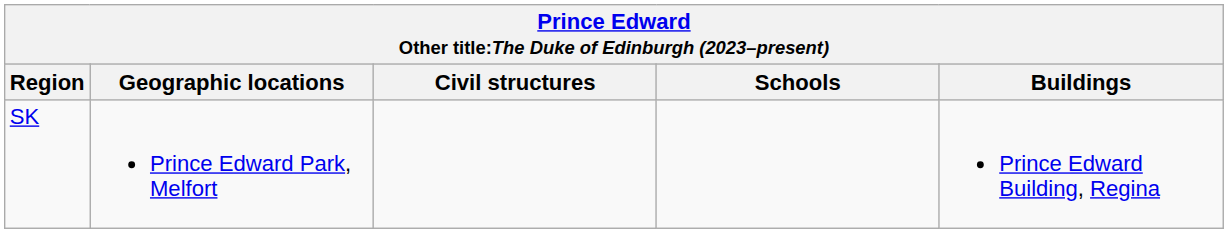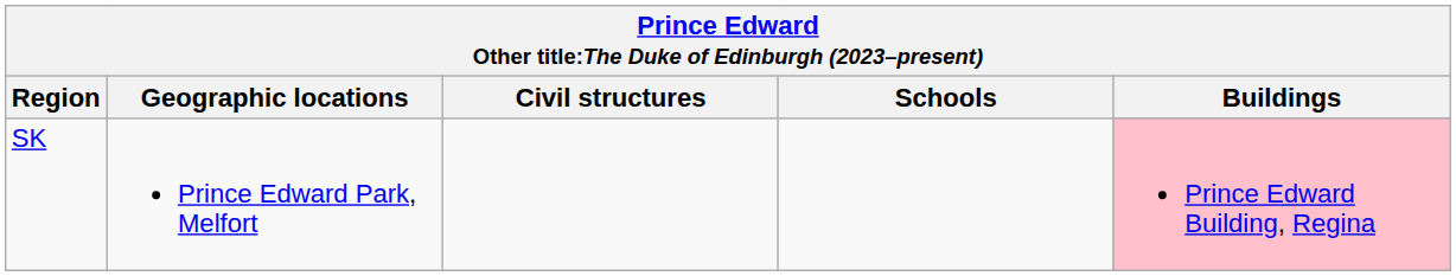 <table class="wikitable" width="100%">
 <tr>
 <th colspan="5"> <a href='#'>Prince Edward</a><br><small>Other title:<em>The Duke of Edinburgh (2023–present)</em> </small></th>
 </tr>
 <tr>
 <th width="5%">Region</th>
 <th width="23.75%">Geographic locations</th>
 <th width="23.75%">Civil structures</th>
 <th width="23.75%">Schools</th>
 <th width="23.75%">Buildings</th>
 </tr>
 <tr>
 <td align=left valign=top> <a href='#'>SK</a></td>
 <td align=left valign=top><br><ul><li><a href='#'>Prince Edward Park</a>, <a href='#'>Melfort</a></li></ul></td>
 <td></td>
 <td></td>
-<td align=left valign=top><br><ul><li><a href='#'>Prince Edward Building</a>, <a href='#'>Regina</a></li></ul></td>
+<td align=left valign=top style="background: pink;"><br><ul><li><a href='#'>Prince Edward Building</a>, <a href='#'>Regina</a></li></ul></td>
 </tr>
 </table>
